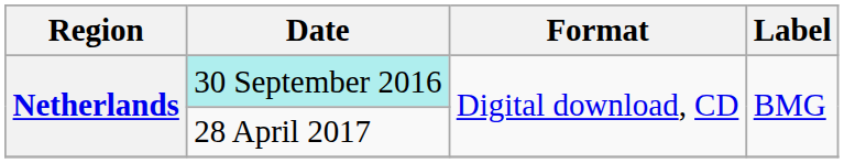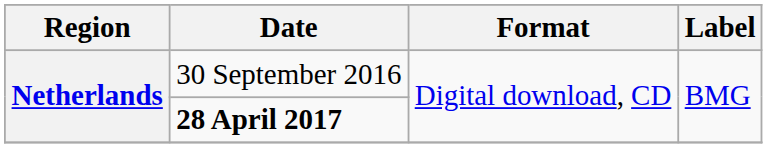 <table class="wikitable sortable plainrowheaders">
 <tr>
 <th>Region</th>
 <th>Date</th>
 <th>Format</th>
 <th>Label</th>
 </tr>
 <tr>
 <th scope="row" rowspan="2"><a href='#'>Netherlands</a></th>
-<td style="background: paleturquoise;">30 September 2016</td>
+<td>30 September 2016</td>
 <td rowspan="2"><a href='#'>Digital download</a>, <a href='#'>CD</a></td>
 <td rowspan="2"><a href='#'>BMG</a></td>
 </tr>
 <tr>
-<td>28 April 2017</td>
+<td><strong>28 April 2017</strong></td>
 </tr>
 <tr>
 </tr>
 </table>
